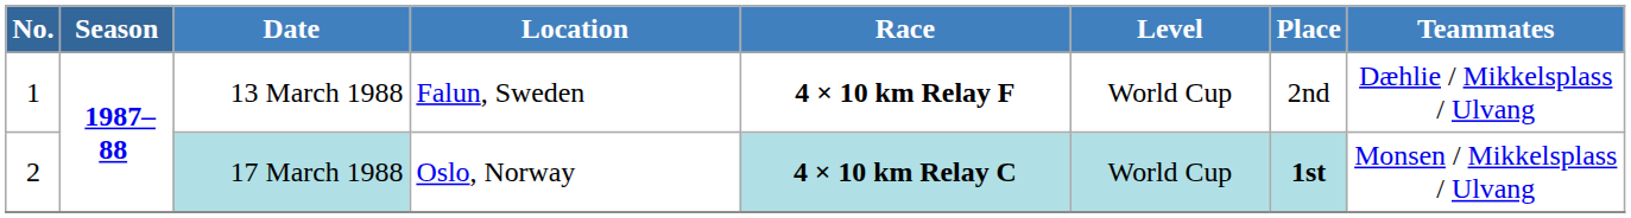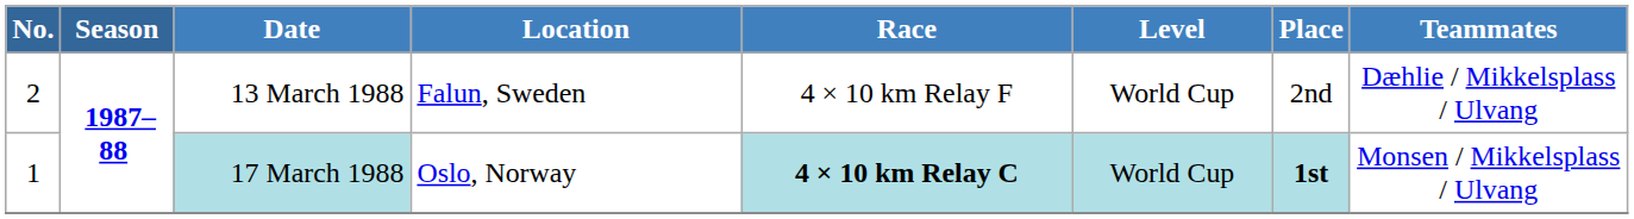 <table class="wikitable sortable" style="font-size:95%; text-align:center; border:grey solid 1px; border-collapse:collapse; background:#ffffff;">
 <tr style="background:#efefef;">
 <th style="background-color:#369; color:white;">No.</th>
 <th style="background-color:#369; color:white;">Season</th>
 <th style="background-color:#4180be; color:white; width:120px;">Date</th>
 <th style="background-color:#4180be; color:white; width:170px;">Location</th>
 <th style="background-color:#4180be; color:white; width:170px;">Race</th>
 <th style="background-color:#4180be; color:white; width:100px;">Level</th>
 <th style="background-color:#4180be; color:white;">Place</th>
 <th style="background-color:#4180be; color:white;">Teammates</th>
 </tr>
 <tr>
-<td align=center>1</td>
+<td align=center>2</td>
 <td rowspan=2 align=center><strong> <a href='#'>1987–88</a> </strong></td>
 <td align=right>13 March 1988</td>
 <td align=left> <a href='#'>Falun</a>, Sweden</td>
-<td><strong>4 × 10 km Relay F</strong></td>
+<td>4 × 10 km Relay F</td>
 <td>World Cup</td>
 <td>2nd</td>
 <td><a href='#'>Dæhlie</a> / <a href='#'>Mikkelsplass</a> / <a href='#'>Ulvang</a></td>
 </tr>
 <tr>
-<td align=center>2</td>
+<td align=center>1</td>
 <td bgcolor="#BOEOE6" align=right>17 March 1988</td>
 <td align=left> <a href='#'>Oslo</a>, Norway</td>
 <td bgcolor="#BOEOE6"><strong>4 × 10 km Relay C</strong></td>
 <td bgcolor="#BOEOE6">World Cup</td>
 <td bgcolor="#BOEOE6"><strong>1st</strong></td>
 <td><a href='#'>Monsen</a> / <a href='#'>Mikkelsplass</a> / <a href='#'>Ulvang</a></td>
 </tr>
 <tr>
 </tr>
 </table>
